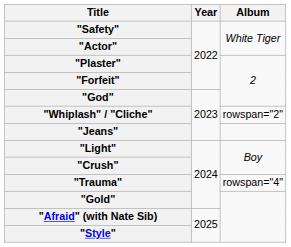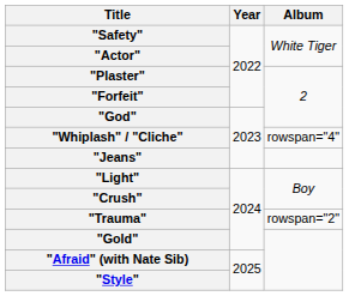 <table class="wikitable plainrowheaders" style="text-align:center;">
 <tr>
 <th scope="col" style="width:17em;">Title</th>
 <th scope="col">Year</th>
 <th scope="col">Album</th>
 </tr>
 <tr>
 <th scope="row">"Safety"</th>
 <td rowspan="4">2022</td>
 <td rowspan="2"><em>White Tiger</em></td>
 </tr>
 <tr>
 <th scope="row">"Actor"</th>
 </tr>
 <tr>
 <th scope="row">"Plaster"</th>
 <td rowspan="3"><em>2</em></td>
 </tr>
 <tr>
 <th scope="row">"Forfeit"</th>
 </tr>
 <tr>
 <th scope="row">"God"</th>
 <td rowspan="3">2023</td>
 </tr>
 <tr>
 <th scope="row">"Whiplash" / "Cliche"</th>
-<td>rowspan="2" </td>
+<td>rowspan="4" </td>
 </tr>
 <tr>
 <th scope="row">"Jeans"</th>
 </tr>
 <tr>
 <th scope="row">"Light"</th>
 <td rowspan="4">2024</td>
 <td rowspan="2"><em>Boy</em></td>
 </tr>
 <tr>
 <th scope="row">"Crush"</th>
 </tr>
 <tr>
 <th scope="row">"Trauma"</th>
-<td>rowspan="4" </td>
+<td>rowspan="2" </td>
 </tr>
 <tr>
 <th scope="row">"Gold"</th>
 </tr>
 <tr>
 <th scope="row">"<a href='#'>Afraid</a>" (with Nate Sib)</th>
 <td rowspan="2">2025</td>
 </tr>
 <tr>
 <th scope="row">"<a href='#'>Style</a>"</th>
 </tr>
 </table>
